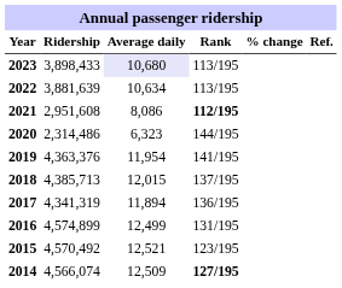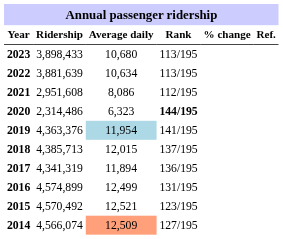 <table class="toccolours" cellpadding="4" cellspacing="0" style="text-align:right;">
 <tr>
 <th colspan="6"  style="background-color:#ccf; background-color:#ccf; font-size:110%; text-align:center;">Annual passenger ridership</th>
 </tr>
 <tr style="font-size:95%; text-align:center">
 <th style="border-bottom:1px solid black">Year</th>
 <th style="border-bottom:1px solid black">Ridership</th>
 <th style="border-bottom:1px solid black">Average daily</th>
 <th style="border-bottom:1px solid black">Rank</th>
 <th style="border-bottom:1px solid black">% change</th>
 <th style="border-bottom:1px solid black">Ref.</th>
 </tr>
 <tr style="text-align:center;">
 <td><strong>2023</strong></td>
 <td>3,898,433</td>
-<td style="background: lavender;">10,680</td>
+<td>10,680</td>
 <td>113/195</td>
 <td></td>
 <td></td>
 </tr>
 <tr style="text-align:center;">
 <td><strong>2022</strong></td>
 <td>3,881,639</td>
 <td>10,634</td>
 <td>113/195</td>
 <td></td>
 <td></td>
 </tr>
 <tr style="text-align:center;">
 <td><strong>2021</strong></td>
 <td>2,951,608</td>
 <td>8,086</td>
-<td><strong>112/195</strong></td>
+<td>112/195</td>
 <td></td>
 <td></td>
 </tr>
 <tr style="text-align:center;">
 <td><strong>2020</strong></td>
 <td>2,314,486</td>
 <td>6,323</td>
-<td>144/195</td>
+<td><strong>144/195</strong></td>
 <td></td>
 <td></td>
 </tr>
 <tr style="text-align:center;">
 <td><strong>2019</strong></td>
 <td>4,363,376</td>
-<td>11,954</td>
+<td style="background: lightblue;">11,954</td>
 <td>141/195</td>
 <td></td>
 <td></td>
 </tr>
 <tr style="text-align:center;">
 <td><strong>2018</strong></td>
 <td>4,385,713</td>
 <td>12,015</td>
 <td>137/195</td>
 <td></td>
 <td></td>
 </tr>
 <tr style="text-align:center;">
 <td><strong>2017</strong></td>
 <td>4,341,319</td>
 <td>11,894</td>
 <td>136/195</td>
 <td></td>
 <td></td>
 </tr>
 <tr style="text-align:center;">
 <td><strong>2016</strong></td>
 <td>4,574,899</td>
 <td>12,499</td>
 <td>131/195</td>
 <td></td>
 <td></td>
 </tr>
 <tr style="text-align:center;">
 <td><strong>2015</strong></td>
 <td>4,570,492</td>
 <td>12,521</td>
 <td>123/195</td>
 <td></td>
 <td></td>
 </tr>
 <tr style="text-align:center;">
 <td><strong>2014</strong></td>
 <td>4,566,074</td>
-<td>12,509</td>
-<td><strong>127/195</strong></td>
+<td style="background: lightsalmon;">12,509</td>
+<td>127/195</td>
 <td></td>
 <td></td>
 </tr>
 </table>
